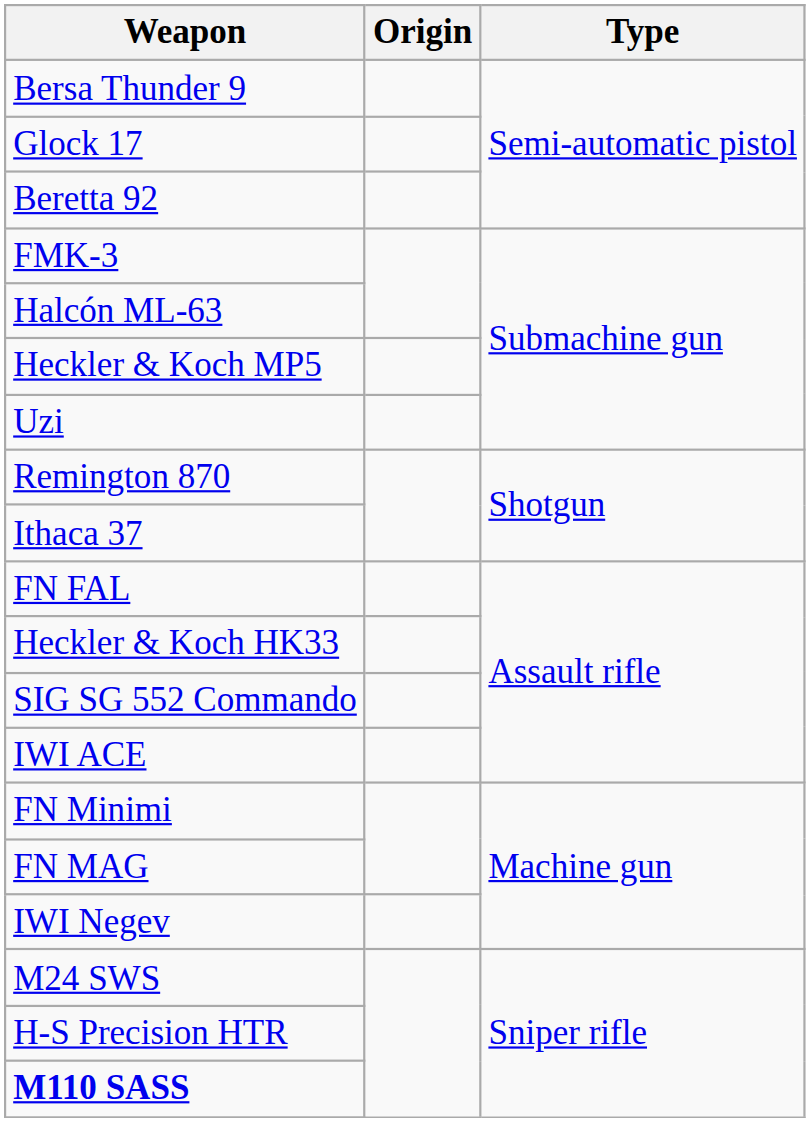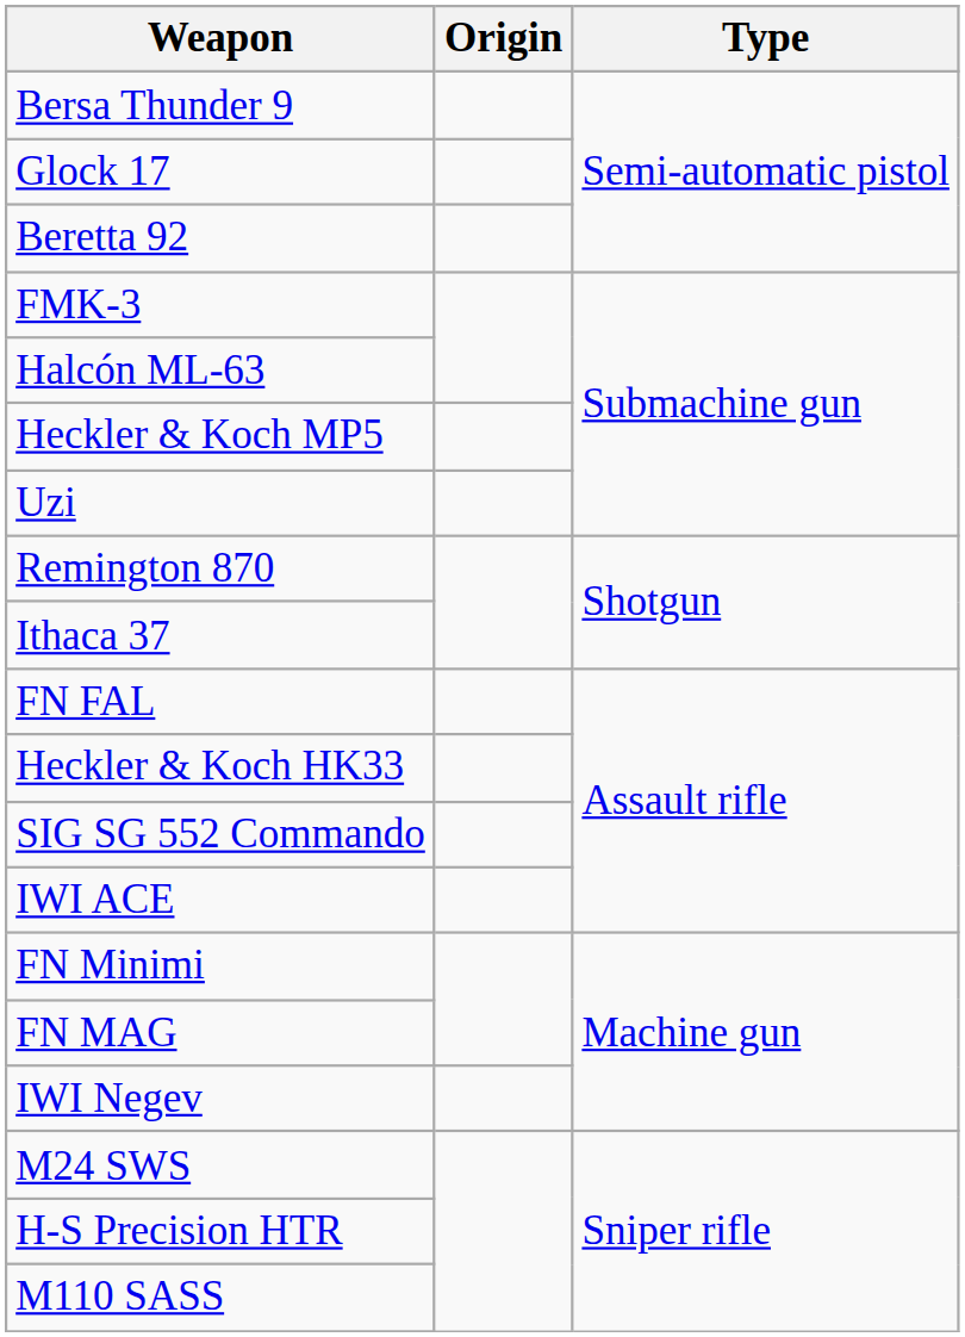 <table class="wikitable">
 <tr>
 <th>Weapon</th>
 <th>Origin</th>
 <th>Type</th>
 </tr>
 <tr>
 <td><a href='#'>Bersa Thunder 9</a></td>
 <td></td>
 <td rowspan="3"><a href='#'>Semi-automatic pistol</a></td>
 </tr>
 <tr>
 <td><a href='#'>Glock 17</a></td>
 <td></td>
 </tr>
 <tr>
 <td><a href='#'>Beretta 92</a></td>
 <td></td>
 </tr>
 <tr>
 <td><a href='#'>FMK-3</a></td>
 <td rowspan="2"></td>
 <td rowspan="4"><a href='#'>Submachine gun</a></td>
 </tr>
 <tr>
 <td><a href='#'>Halcón ML-63</a></td>
 </tr>
 <tr>
 <td><a href='#'>Heckler & Koch MP5</a></td>
 <td></td>
 </tr>
 <tr>
 <td><a href='#'>Uzi</a></td>
 <td></td>
 </tr>
 <tr>
 <td><a href='#'>Remington 870</a></td>
 <td rowspan="2"></td>
 <td rowspan="2"><a href='#'>Shotgun</a></td>
 </tr>
 <tr>
 <td><a href='#'>Ithaca 37</a></td>
 </tr>
 <tr>
 <td><a href='#'>FN FAL</a></td>
 <td></td>
 <td rowspan="4"><a href='#'>Assault rifle</a></td>
 </tr>
 <tr>
 <td><a href='#'>Heckler & Koch HK33</a></td>
 <td></td>
 </tr>
 <tr>
 <td><a href='#'>SIG SG 552 Commando</a></td>
 <td></td>
 </tr>
 <tr>
 <td><a href='#'>IWI ACE</a></td>
 <td></td>
 </tr>
 <tr>
 <td><a href='#'>FN Minimi</a></td>
 <td rowspan="2"></td>
 <td rowspan="3"><a href='#'>Machine gun</a></td>
 </tr>
 <tr>
 <td><a href='#'>FN MAG</a></td>
 </tr>
 <tr>
 <td><a href='#'>IWI Negev</a></td>
 <td></td>
 </tr>
 <tr>
 <td><a href='#'>M24 SWS</a></td>
 <td rowspan="4"></td>
 <td rowspan="4"><a href='#'>Sniper rifle</a></td>
 </tr>
 <tr>
 <td><a href='#'>H-S Precision HTR</a></td>
 </tr>
 <tr>
-<td><strong><a href='#'>M110 SASS</a></strong></td>
+<td><a href='#'>M110 SASS</a></td>
 </tr>
 <tr>
 </tr>
 </table>
